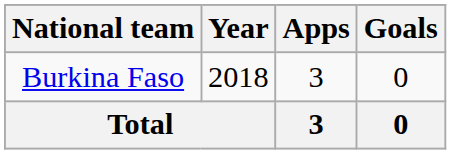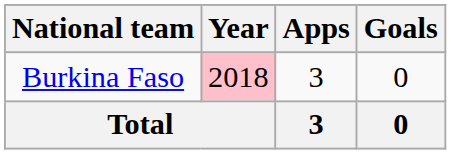 <table class="wikitable" style="text-align:center">
 <tr>
 <th>National team</th>
 <th>Year</th>
 <th>Apps</th>
 <th>Goals</th>
 </tr>
 <tr>
 <td rowspan="1"><a href='#'>Burkina Faso</a></td>
-<td>2018</td>
+<td style="background: pink;">2018</td>
 <td>3</td>
 <td>0</td>
 </tr>
 <tr>
 <th colspan=2>Total</th>
 <th>3</th>
 <th>0</th>
 </tr>
 </table>
